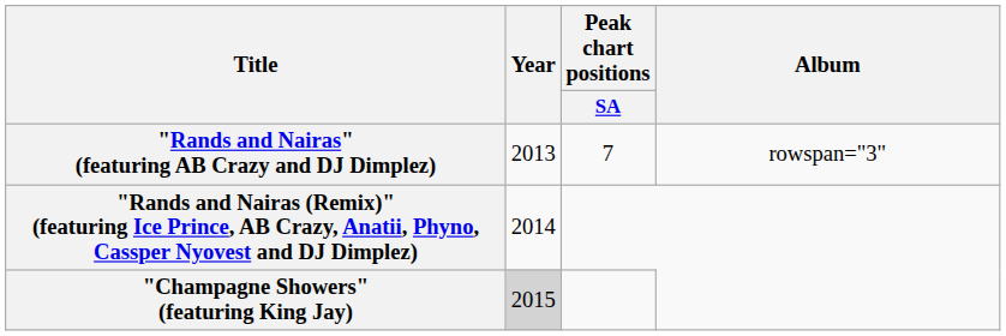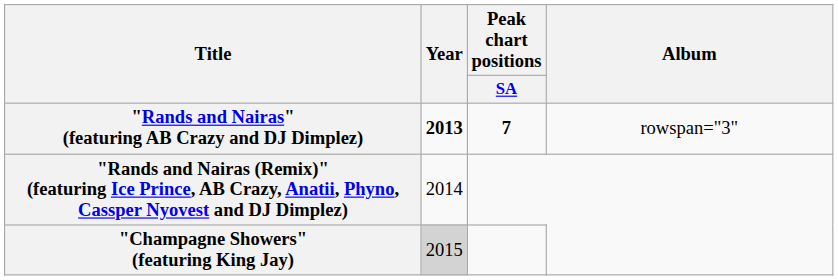 <table class="wikitable plainrowheaders" style="text-align:center;">
 <tr>
 <th scope="col" rowspan="2" style="width:22em;">Title</th>
 <th scope="col" rowspan="2">Year</th>
 <th scope="col" colspan="1">Peak chart positions</th>
 <th scope="col" rowspan="2" style="width:15em;">Album</th>
 </tr>
 <tr>
 <th scope="col" style="width:3em;font-size:90%;"><a href='#'>SA</a></th>
 </tr>
 <tr>
 <th scope="row">"<a href='#'>Rands and Nairas</a>"<br><span>(featuring AB Crazy and DJ Dimplez)</span></th>
-<td>2013</td>
-<td>7</td>
+<td><strong>2013</strong></td>
+<td><strong>7</strong></td>
 <td>rowspan="3" </td>
 </tr>
 <tr>
 <th scope="row">"Rands and Nairas (Remix)" <br><span>(featuring <a href='#'>Ice Prince</a>, AB Crazy, <a href='#'>Anatii</a>, <a href='#'>Phyno</a>, <a href='#'>Cassper Nyovest</a> and DJ Dimplez)</span></th>
 <td>2014</td>
 </tr>
 <tr>
 <th scope="row">"Champagne Showers" <br><span>(featuring King Jay)</span></th>
 <td style="background: lightgrey;">2015</td>
 <td></td>
 </tr>
 </table>
